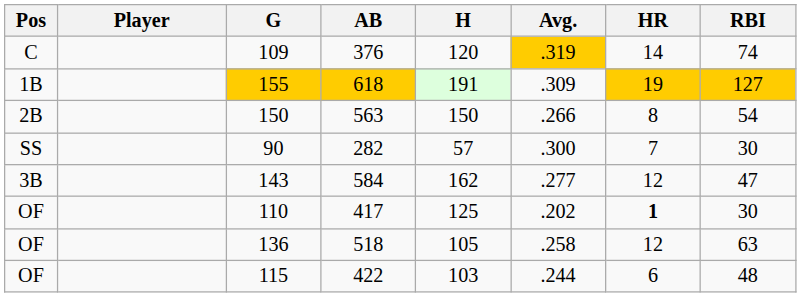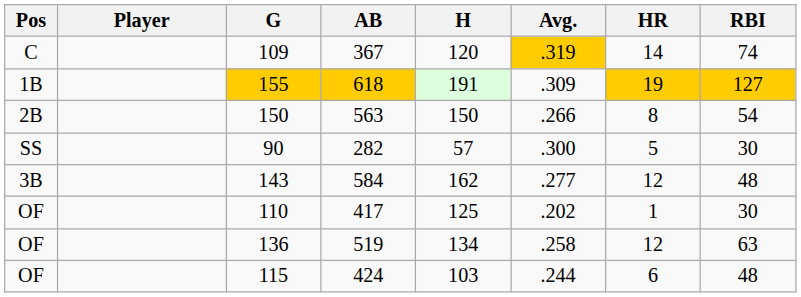 <table class="wikitable sortable">
 <tr>
 <th bgcolor="#DDDDFF" width="5%">Pos</th>
 <th bgcolor="#DDDDFF" width="16%">Player</th>
 <th bgcolor="#DDDDFF" width="9%">G</th>
 <th bgcolor="#DDDDFF" width="9%">AB</th>
 <th bgcolor="#DDDDFF" width="9%">H</th>
 <th bgcolor="#DDDDFF" width="9%">Avg.</th>
 <th bgcolor="#DDDDFF" width="9%">HR</th>
 <th bgcolor="#DDDDFF" width="9%">RBI</th>
 </tr>
 <tr align="center">
 <td>C</td>
 <td></td>
 <td>109</td>
-<td>376</td>
+<td>367</td>
 <td>120</td>
 <td style="background:#fc0;">.319</td>
 <td>14</td>
 <td>74</td>
 </tr>
 <tr align="center">
 <td>1B</td>
 <td></td>
 <td style="background:#fc0;">155</td>
 <td style="background:#fc0;">618</td>
 <td style="background:#DDFFDD;">191</td>
 <td>.309</td>
 <td style="background:#fc0;">19</td>
 <td style="background:#fc0;">127</td>
 </tr>
 <tr align="center">
 <td>2B</td>
 <td></td>
 <td>150</td>
 <td>563</td>
 <td>150</td>
 <td>.266</td>
 <td>8</td>
 <td>54</td>
 </tr>
 <tr align="center">
 <td>SS</td>
 <td></td>
 <td>90</td>
 <td>282</td>
 <td>57</td>
 <td>.300</td>
-<td>7</td>
+<td>5</td>
 <td>30</td>
 </tr>
 <tr align="center">
 <td>3B</td>
 <td></td>
 <td>143</td>
 <td>584</td>
 <td>162</td>
 <td>.277</td>
 <td>12</td>
-<td>47</td>
+<td>48</td>
 </tr>
 <tr align="center">
 <td>OF</td>
 <td></td>
 <td>110</td>
 <td>417</td>
 <td>125</td>
 <td>.202</td>
-<td><strong>1</strong></td>
+<td>1</td>
 <td>30</td>
 </tr>
 <tr align="center">
 <td>OF</td>
 <td></td>
 <td>136</td>
-<td>518</td>
-<td>105</td>
+<td>519</td>
+<td>134</td>
 <td>.258</td>
 <td>12</td>
 <td>63</td>
 </tr>
 <tr align="center">
 <td>OF</td>
 <td></td>
 <td>115</td>
-<td>422</td>
+<td>424</td>
 <td>103</td>
 <td>.244</td>
 <td>6</td>
 <td>48</td>
 </tr>
 </table>
